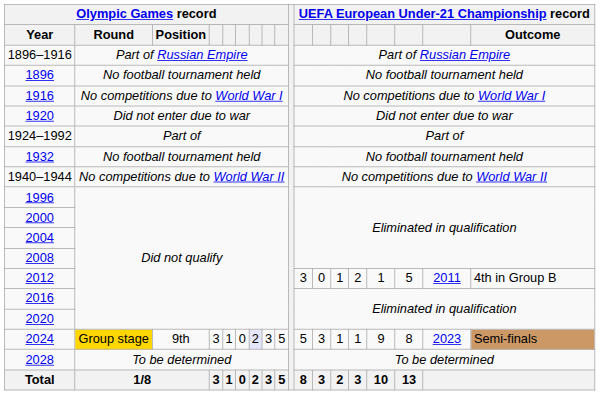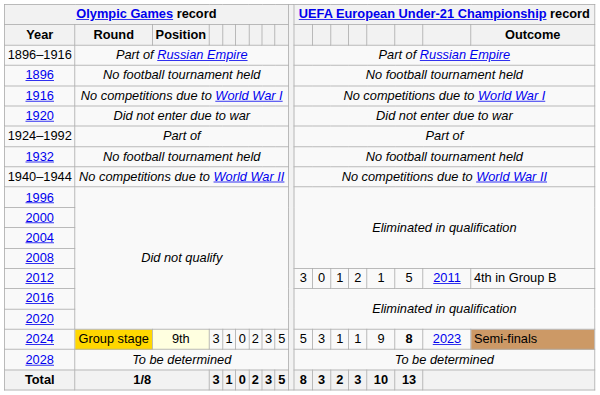 <table class="wikitable" style="text-align: center">
 <tr>
 <th colspan=9><a href='#'>Olympic Games</a> record</th>
 <th style="width:1%;" rowspan="27"></th>
 <th colspan=8><a href='#'>UEFA European Under-21 Championship</a> record</th>
 </tr>
 <tr>
 <th>Year</th>
 <th>Round</th>
 <th>Position</th>
 <th></th>
 <th></th>
 <th></th>
 <th></th>
 <th></th>
 <th></th>
 <th></th>
 <th></th>
 <th></th>
 <th></th>
 <th></th>
 <th></th>
 <th></th>
 <th>Outcome</th>
 </tr>
 <tr>
 <td>1896–1916</td>
 <td colspan=8><em>Part of  <a href='#'>Russian Empire</a> </em></td>
 <td colspan=8><em>Part of  <a href='#'>Russian Empire</a> </em></td>
 </tr>
 <tr>
 <td> <a href='#'>1896</a></td>
 <td colspan=8><em>No football tournament held</em></td>
 <td colspan=8><em>No football tournament held</em></td>
 </tr>
 <tr>
 <td> <a href='#'>1916</a></td>
 <td colspan=8><em>No competitions due to <a href='#'>World War I</a></em></td>
 <td colspan=8><em>No competitions due to <a href='#'>World War I</a></em></td>
 </tr>
 <tr>
 <td> <a href='#'>1920</a></td>
 <td colspan=8><em>Did not enter due to war</em></td>
 <td colspan=8><em>Did not enter due to war</em></td>
 </tr>
 <tr>
 <td>1924–1992</td>
 <td colspan=8><em>Part of  </em></td>
 <td colspan=8><em>Part of  </em></td>
 </tr>
 <tr>
 <td> <a href='#'>1932</a></td>
 <td colspan=8><em>No football tournament held</em></td>
 <td colspan=8><em>No football tournament held</em></td>
 </tr>
 <tr>
 <td>1940–1944</td>
 <td colspan=8><em>No competitions due to <a href='#'>World War II</a></em></td>
 <td colspan=8><em>No competitions due to <a href='#'>World War II</a></em></td>
 </tr>
 <tr>
 <td bgcolor=> <a href='#'>1996</a></td>
 <td rowspan=7 colspan=8><em>Did not qualify</em></td>
 <td rowspan=4 colspan=8><em>Eliminated in qualification</em></td>
 </tr>
 <tr>
 <td bgcolor=> <a href='#'>2000</a></td>
 </tr>
 <tr>
 <td bgcolor=> <a href='#'>2004</a></td>
 </tr>
 <tr>
 <td bgcolor=> <a href='#'>2008</a></td>
 </tr>
 <tr>
 <td bgcolor=> <a href='#'>2012</a></td>
 <td>3</td>
 <td>0</td>
 <td>1</td>
 <td>2</td>
 <td>1</td>
 <td>5</td>
 <td><a href='#'>2011</a></td>
 <td align=left>4th in Group B</td>
 </tr>
 <tr>
 <td bgcolor=> <a href='#'>2016</a></td>
 <td rowspan=2 colspan=8><em>Eliminated in qualification</em></td>
 </tr>
 <tr>
 <td bgcolor=> <a href='#'>2020</a></td>
 </tr>
 <tr>
 <td style=> <a href='#'>2024</a></td>
 <td style="background: gold;">Group stage</td>
-<td>9th</td>
+<td style="background: lightyellow;">9th</td>
 <td>3</td>
 <td>1</td>
 <td>0</td>
-<td style="background: lavender;">2</td>
+<td>2</td>
 <td>3</td>
 <td>5</td>
 <td>5</td>
 <td>3</td>
 <td>1</td>
 <td>1</td>
 <td>9</td>
-<td>8</td>
+<td><strong>8</strong></td>
 <td><a href='#'>2023</a></td>
 <td align=left style="background:#c96">Semi-finals</td>
 </tr>
 <tr>
 <td style=> <a href='#'>2028</a></td>
 <td colspan=8><em>To be determined</em></td>
 <td colspan=8><em>To be determined</em></td>
 </tr>
 <tr>
 <th><strong>Total</strong></th>
 <th colspan=2><strong>1/8</strong></th>
 <th><strong>3</strong></th>
 <th><strong>1</strong></th>
 <th><strong>0</strong></th>
 <th><strong>2</strong></th>
 <th><strong>3</strong></th>
 <th><strong>5</strong></th>
 <th><strong>8</strong></th>
 <th><strong>3</strong></th>
 <th><strong>2</strong></th>
 <th><strong>3</strong></th>
 <th><strong>10</strong></th>
 <th><strong>13</strong></th>
 <th colspan=2></th>
 </tr>
 </table>
